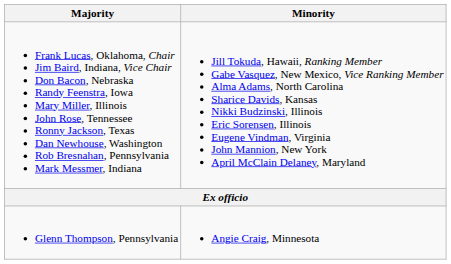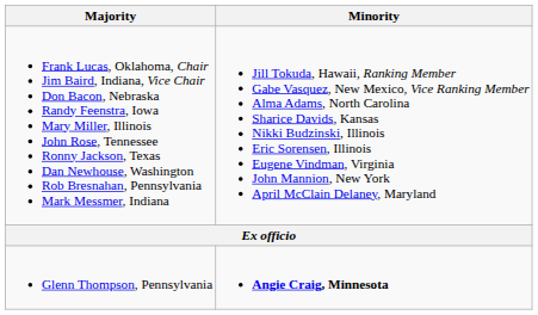 <table class=wikitable>
 <tr>
 <th>Majority</th>
 <th>Minority</th>
 </tr>
 <tr>
 <td><br><ul><li><a href='#'>Frank Lucas</a>, Oklahoma, <em>Chair</em></li><li><a href='#'>Jim Baird</a>, Indiana, <em>Vice Chair</em></li><li><a href='#'>Don Bacon</a>, Nebraska</li><li><a href='#'>Randy Feenstra</a>, Iowa</li><li><a href='#'>Mary Miller</a>, Illinois</li><li><a href='#'>John Rose</a>, Tennessee</li><li><a href='#'>Ronny Jackson</a>, Texas</li><li><a href='#'>Dan Newhouse</a>, Washington</li><li><a href='#'>Rob Bresnahan</a>, Pennsylvania</li><li><a href='#'>Mark Messmer</a>, Indiana</li></ul></td>
 <td><br><ul><li><a href='#'>Jill Tokuda</a>, Hawaii, <em>Ranking Member</em></li><li><a href='#'>Gabe Vasquez</a>, New Mexico, <em>Vice Ranking Member</em></li><li><a href='#'>Alma Adams</a>, North Carolina</li><li><a href='#'>Sharice Davids</a>, Kansas</li><li><a href='#'>Nikki Budzinski</a>, Illinois</li><li><a href='#'>Eric Sorensen</a>, Illinois</li><li><a href='#'>Eugene Vindman</a>, Virginia</li><li><a href='#'>John Mannion</a>, New York</li><li><a href='#'>April McClain Delaney</a>, Maryland</li></ul></td>
 </tr>
 <tr>
 <th colspan=2><em>Ex officio</em></th>
 </tr>
 <tr>
 <td><br><ul><li><a href='#'>Glenn Thompson</a>, Pennsylvania</li></ul></td>
-<td><br><ul><li><a href='#'>Angie Craig</a>, Minnesota</li></ul></td>
+<td><strong><br><ul><li><a href='#'>Angie Craig</a>, Minnesota</li></ul></strong></td>
 </tr>
 </table>
